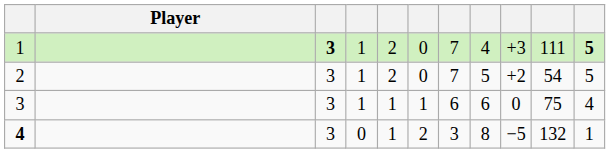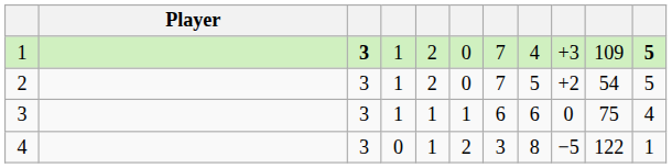 <table class="wikitable" style="text-align:center; margin: 1em auto 1em auto, align:left">
 <tr>
 <th width=20></th>
 <th width=240>Player</th>
 <th width=20></th>
 <th width=20></th>
 <th width=20></th>
 <th width=20></th>
 <th width=20></th>
 <th width=20></th>
 <th width=20></th>
 <th width=30></th>
 <th width=20></th>
 </tr>
 <tr style="background:#D0F0C0;">
 <td>1</td>
 <td align=left></td>
 <td><strong>3</strong></td>
 <td>1</td>
 <td>2</td>
 <td>0</td>
 <td>7</td>
 <td>4</td>
 <td>+3</td>
-<td>111</td>
+<td>109</td>
 <td><strong>5</strong></td>
 </tr>
 <tr style=>
 <td>2</td>
 <td align=left></td>
 <td>3</td>
 <td>1</td>
 <td>2</td>
 <td>0</td>
 <td>7</td>
 <td>5</td>
 <td>+2</td>
 <td>54</td>
 <td>5</td>
 </tr>
 <tr style=>
 <td>3</td>
 <td align=left></td>
 <td>3</td>
 <td>1</td>
 <td>1</td>
 <td>1</td>
 <td>6</td>
 <td>6</td>
 <td>0</td>
 <td>75</td>
 <td>4</td>
 </tr>
 <tr style=>
-<td><strong>4</strong></td>
+<td>4</td>
 <td align=left></td>
 <td>3</td>
 <td>0</td>
 <td>1</td>
 <td>2</td>
 <td>3</td>
 <td>8</td>
 <td>−5</td>
-<td>132</td>
+<td>122</td>
 <td>1</td>
 </tr>
 </table>
